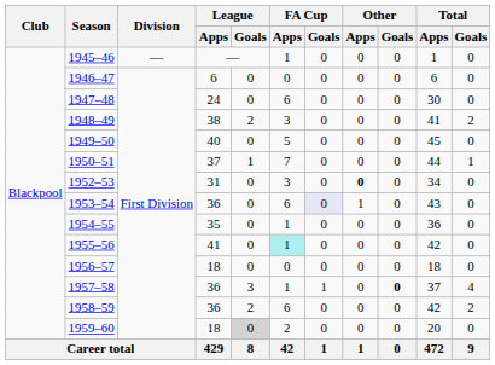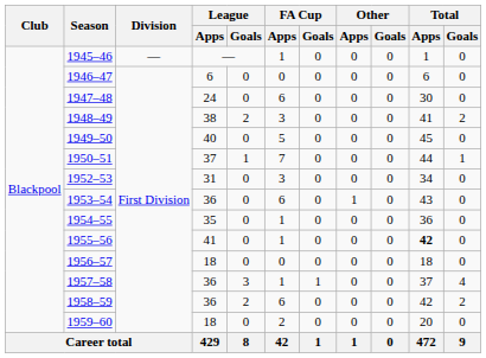 <table class="wikitable" style="text-align:center;">
 <tr>
 <th rowspan="2">Club</th>
 <th rowspan="2">Season</th>
 <th rowspan="2">Division</th>
 <th colspan="2">League</th>
 <th colspan="2">FA Cup</th>
 <th colspan="2">Other</th>
 <th colspan="2">Total</th>
 </tr>
 <tr>
 <th>Apps</th>
 <th>Goals</th>
 <th>Apps</th>
 <th>Goals</th>
 <th>Apps</th>
 <th>Goals</th>
 <th>Apps</th>
 <th>Goals</th>
 </tr>
 <tr>
 <td rowspan="14"><a href='#'>Blackpool</a></td>
 <td><a href='#'>1945–46</a></td>
 <td>—</td>
 <td colspan="2">—</td>
 <td>1</td>
 <td>0</td>
 <td>0</td>
 <td>0</td>
 <td>1</td>
 <td>0</td>
 </tr>
 <tr>
 <td><a href='#'>1946–47</a></td>
 <td rowspan="13"><a href='#'>First Division</a></td>
 <td>6</td>
 <td>0</td>
 <td>0</td>
 <td>0</td>
 <td>0</td>
 <td>0</td>
 <td>6</td>
 <td>0</td>
 </tr>
 <tr>
 <td><a href='#'>1947–48</a></td>
 <td>24</td>
 <td>0</td>
 <td>6</td>
 <td>0</td>
 <td>0</td>
 <td>0</td>
 <td>30</td>
 <td>0</td>
 </tr>
 <tr>
 <td><a href='#'>1948–49</a></td>
 <td>38</td>
 <td>2</td>
 <td>3</td>
 <td>0</td>
 <td>0</td>
 <td>0</td>
 <td>41</td>
 <td>2</td>
 </tr>
 <tr>
 <td><a href='#'>1949–50</a></td>
 <td>40</td>
 <td>0</td>
 <td>5</td>
 <td>0</td>
 <td>0</td>
 <td>0</td>
 <td>45</td>
 <td>0</td>
 </tr>
 <tr>
 <td><a href='#'>1950–51</a></td>
 <td>37</td>
 <td>1</td>
 <td>7</td>
 <td>0</td>
 <td>0</td>
 <td>0</td>
 <td>44</td>
 <td>1</td>
 </tr>
 <tr>
 <td><a href='#'>1952–53</a></td>
 <td>31</td>
 <td>0</td>
 <td>3</td>
 <td>0</td>
-<td><strong>0</strong></td>
+<td>0</td>
 <td>0</td>
 <td>34</td>
 <td>0</td>
 </tr>
 <tr>
 <td><a href='#'>1953–54</a></td>
 <td>36</td>
 <td>0</td>
 <td>6</td>
-<td style="background: lavender;">0</td>
+<td>0</td>
 <td>1</td>
 <td>0</td>
 <td>43</td>
 <td>0</td>
 </tr>
 <tr>
 <td><a href='#'>1954–55</a></td>
 <td>35</td>
 <td>0</td>
 <td>1</td>
 <td>0</td>
 <td>0</td>
 <td>0</td>
 <td>36</td>
 <td>0</td>
 </tr>
 <tr>
 <td><a href='#'>1955–56</a></td>
 <td>41</td>
 <td>0</td>
-<td style="background: paleturquoise;">1</td>
+<td>1</td>
 <td>0</td>
 <td>0</td>
 <td>0</td>
-<td>42</td>
+<td><strong>42</strong></td>
 <td>0</td>
 </tr>
 <tr>
 <td><a href='#'>1956–57</a></td>
 <td>18</td>
 <td>0</td>
 <td>0</td>
 <td>0</td>
 <td>0</td>
 <td>0</td>
 <td>18</td>
 <td>0</td>
 </tr>
 <tr>
 <td><a href='#'>1957–58</a></td>
 <td>36</td>
 <td>3</td>
 <td>1</td>
 <td>1</td>
 <td>0</td>
-<td><strong>0</strong></td>
+<td>0</td>
 <td>37</td>
 <td>4</td>
 </tr>
 <tr>
 <td><a href='#'>1958–59</a></td>
 <td>36</td>
 <td>2</td>
 <td>6</td>
 <td>0</td>
 <td>0</td>
 <td>0</td>
 <td>42</td>
 <td>2</td>
 </tr>
 <tr>
 <td><a href='#'>1959–60</a></td>
 <td>18</td>
-<td style="background: lightgrey;">0</td>
+<td>0</td>
 <td>2</td>
 <td>0</td>
 <td>0</td>
 <td>0</td>
 <td>20</td>
 <td>0</td>
 </tr>
 <tr>
 <th colspan="3">Career total</th>
 <th>429</th>
 <th>8</th>
 <th>42</th>
 <th>1</th>
 <th>1</th>
 <th>0</th>
 <th>472</th>
 <th>9</th>
 </tr>
 </table>
